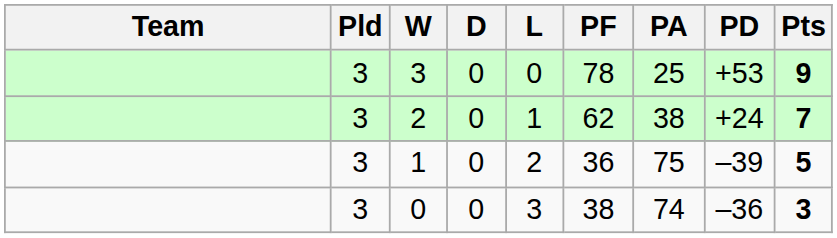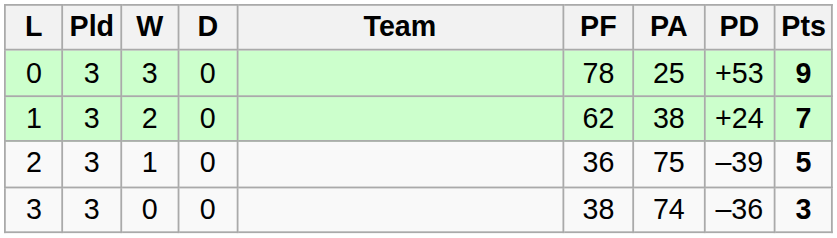 <table class="wikitable" style="text-align:center;">
 <tr>
-<th width=175>Team</th>
+<th width=25 abbr="Lost">L</th>
 <th width=25 abbr="Played">Pld</th>
 <th width=25 abbr="Won">W</th>
 <th width=25 abbr="Drawn">D</th>
-<th width=25 abbr="Lost">L</th>
+<th width=175>Team</th>
 <th width=32 abbr="Points for">PF</th>
 <th width=32 abbr="Points against">PA</th>
 <th width=32 abbr="Points difference">PD</th>
 <th width=25 abbr="Points">Pts</th>
 </tr>
 <tr bgcolor=ccffcc>
-<td align=left></td>
+<td>0</td>
 <td>3</td>
 <td>3</td>
 <td>0</td>
-<td>0</td>
+<td align=left></td>
 <td>78</td>
 <td>25</td>
 <td>+53</td>
 <td><strong>9</strong></td>
 </tr>
 <tr bgcolor=ccffcc>
-<td align=left></td>
+<td>1</td>
 <td>3</td>
 <td>2</td>
 <td>0</td>
-<td>1</td>
+<td align=left></td>
 <td>62</td>
 <td>38</td>
 <td>+24</td>
 <td><strong>7</strong></td>
 </tr>
 <tr>
-<td align=left></td>
+<td>2</td>
 <td>3</td>
 <td>1</td>
 <td>0</td>
-<td>2</td>
+<td align=left></td>
 <td>36</td>
 <td>75</td>
 <td>–39</td>
 <td><strong>5</strong></td>
 </tr>
 <tr>
-<td align=left></td>
+<td>3</td>
 <td>3</td>
 <td>0</td>
 <td>0</td>
-<td>3</td>
+<td align=left></td>
 <td>38</td>
 <td>74</td>
 <td>–36</td>
 <td><strong>3</strong></td>
 </tr>
 </table>
